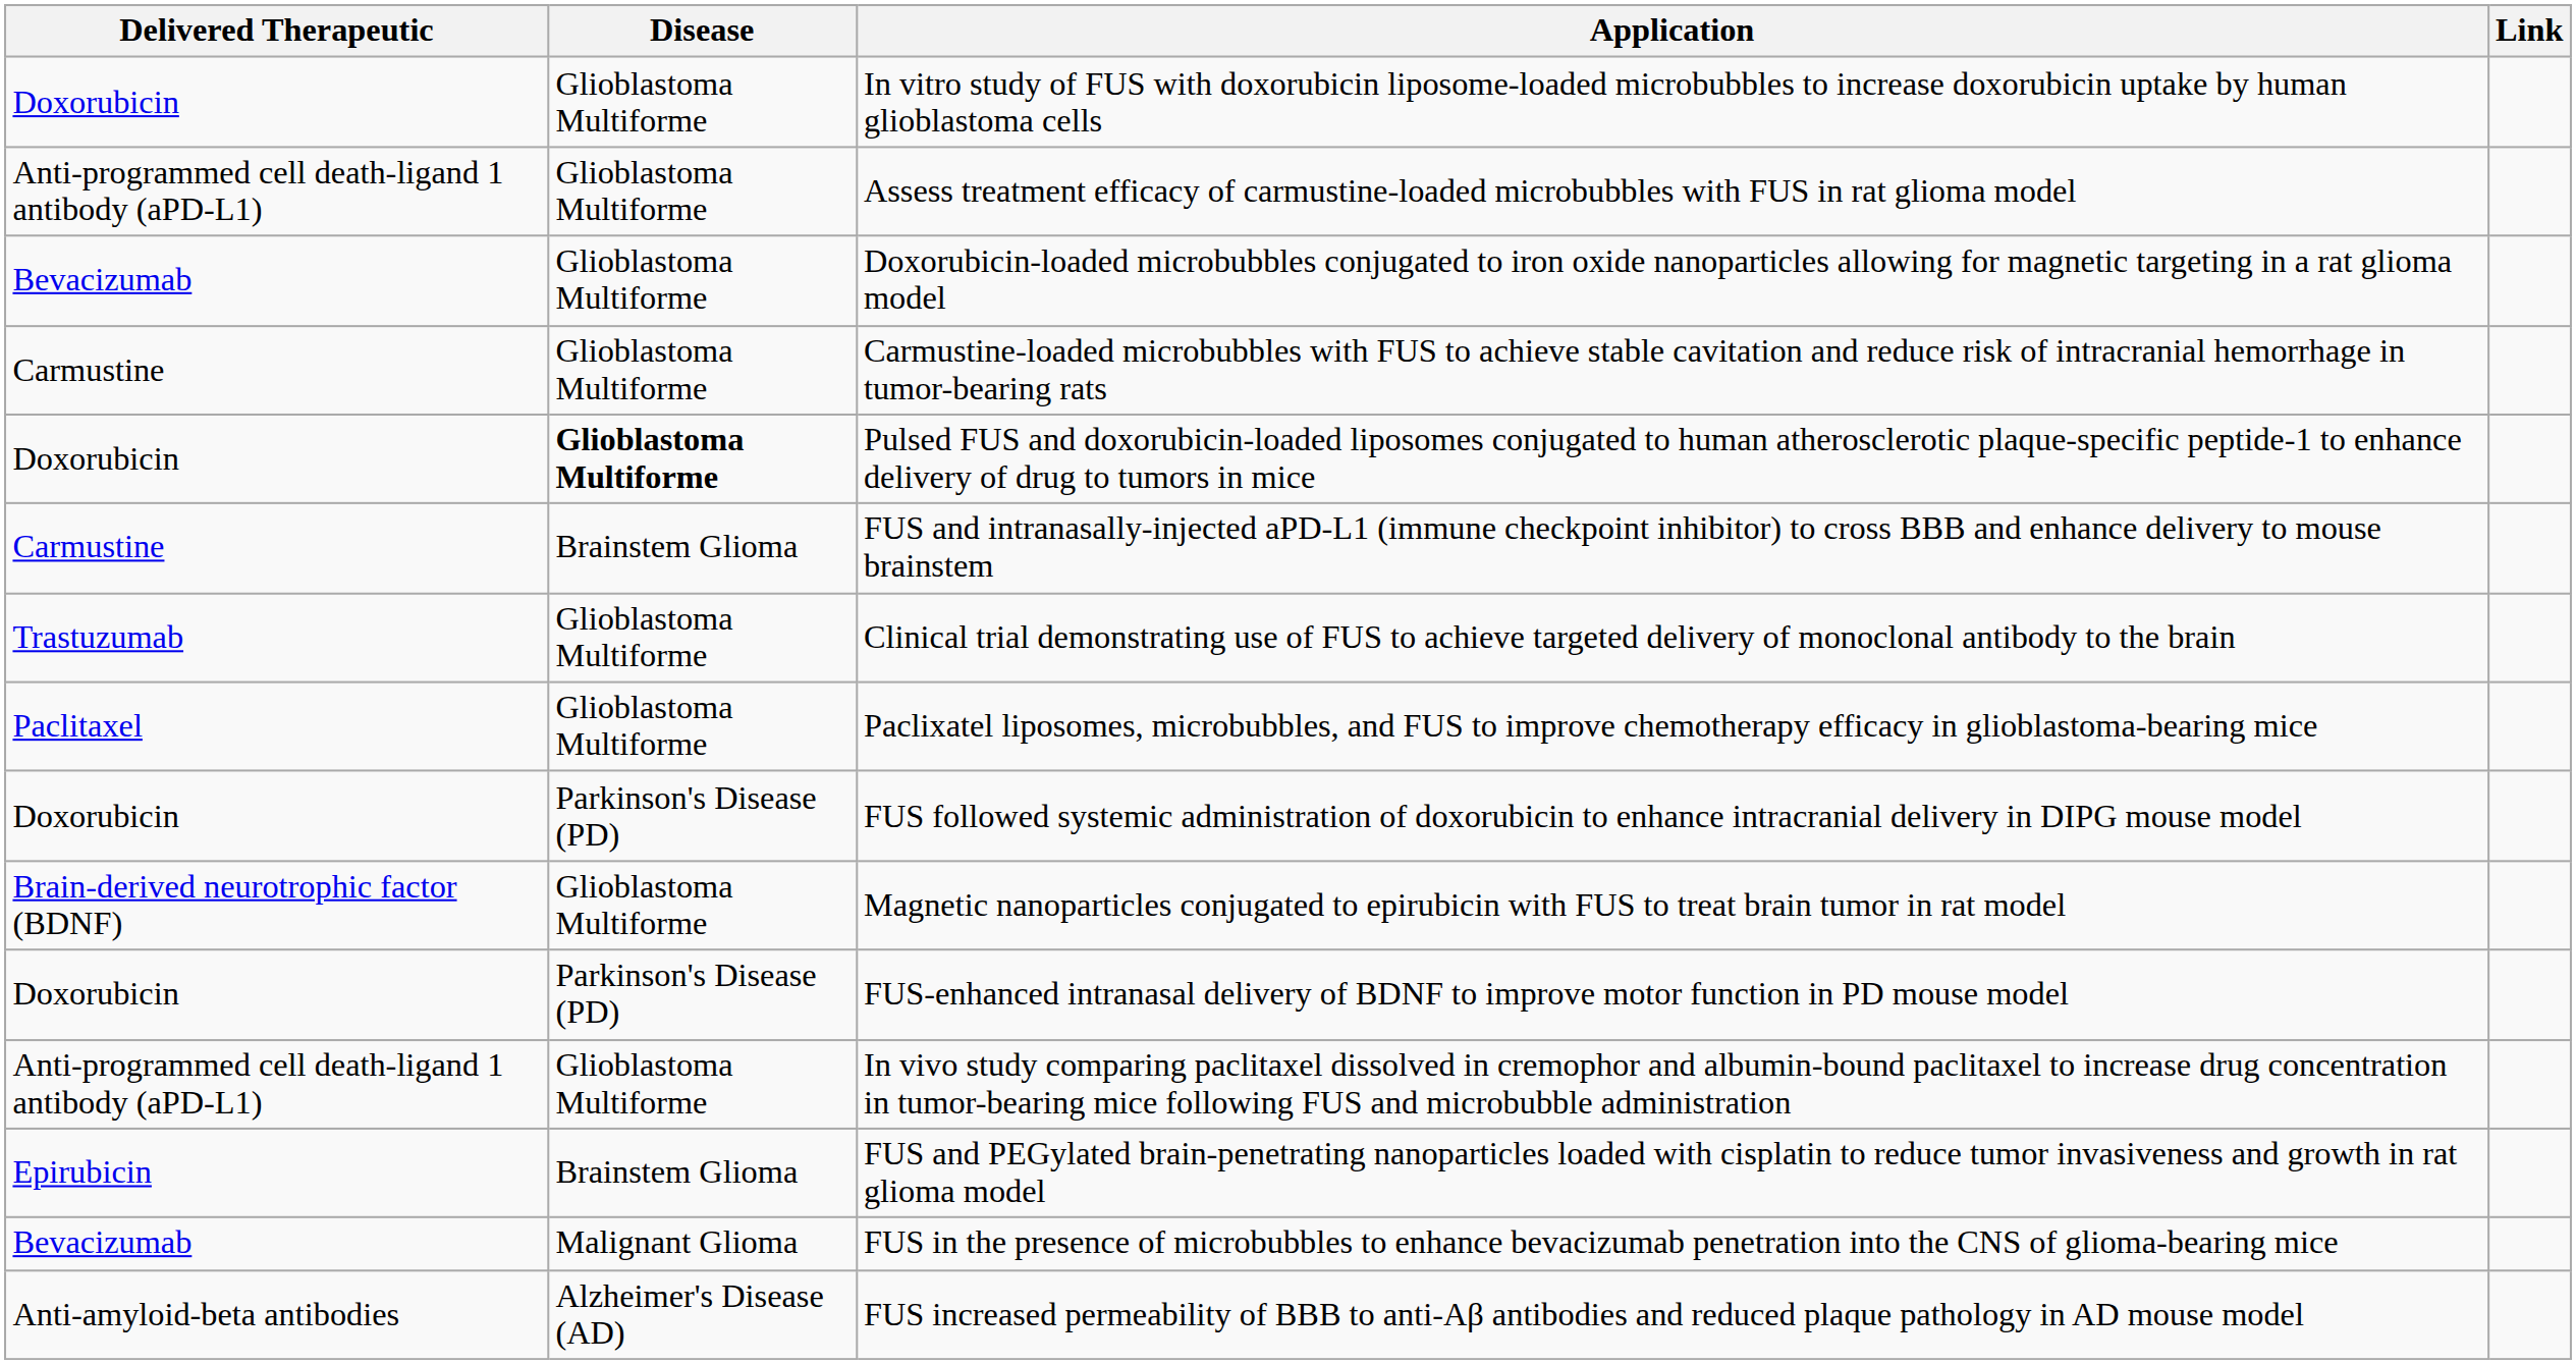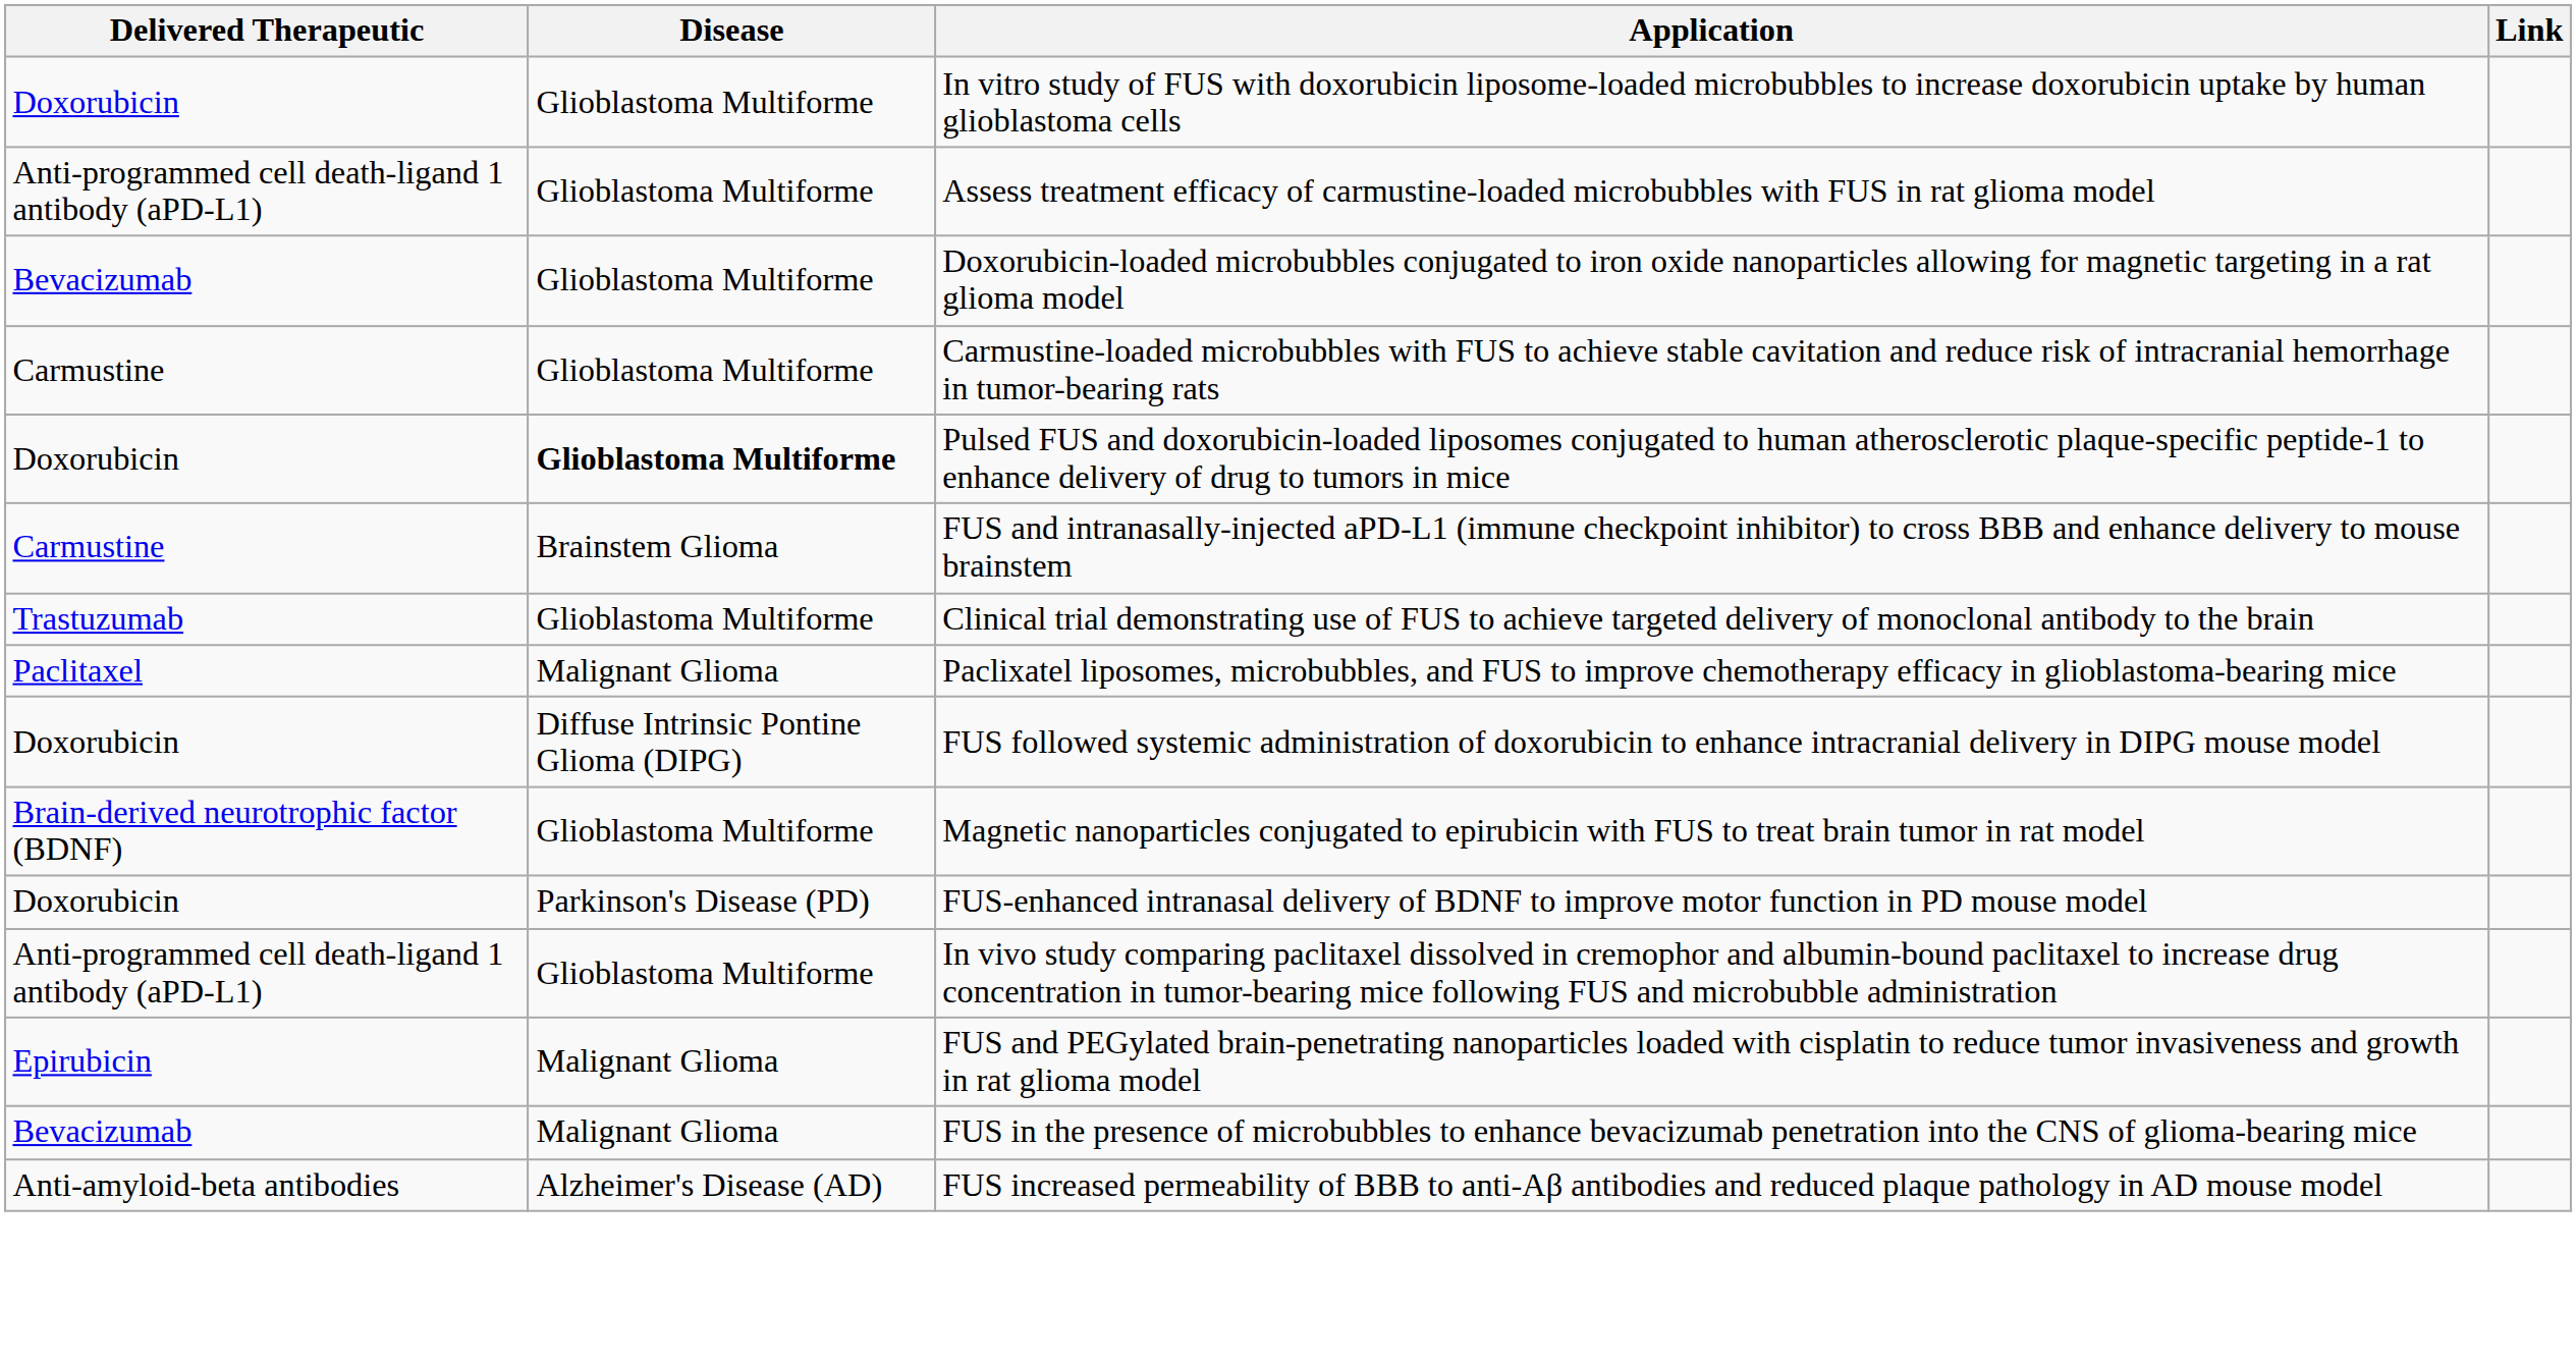 <table class="wikitable">
 <tr>
 <th>Delivered Therapeutic</th>
 <th>Disease</th>
 <th>Application</th>
 <th>Link</th>
 </tr>
 <tr>
 <td><a href='#'>Doxorubicin</a></td>
 <td>Glioblastoma Multiforme</td>
 <td>In vitro study of FUS with doxorubicin liposome-loaded microbubbles to increase doxorubicin uptake by human glioblastoma cells</td>
 <td></td>
 </tr>
 <tr>
 <td>Anti-programmed cell death-ligand 1 antibody (aPD-L1)</td>
 <td>Glioblastoma Multiforme</td>
 <td>Assess treatment efficacy of carmustine-loaded microbubbles with FUS in rat glioma model</td>
 <td></td>
 </tr>
 <tr>
 <td><a href='#'>Bevacizumab</a></td>
 <td>Glioblastoma Multiforme</td>
 <td>Doxorubicin-loaded microbubbles conjugated to iron oxide nanoparticles allowing for magnetic targeting in a rat glioma model</td>
 <td></td>
 </tr>
 <tr>
 <td>Carmustine</td>
 <td>Glioblastoma Multiforme</td>
 <td>Carmustine-loaded microbubbles with FUS to achieve stable cavitation and reduce risk of intracranial hemorrhage in tumor-bearing rats</td>
 <td></td>
 </tr>
 <tr>
 <td>Doxorubicin</td>
 <td><strong>Glioblastoma Multiforme</strong></td>
 <td>Pulsed FUS and doxorubicin-loaded liposomes conjugated to human atherosclerotic plaque-specific peptide-1 to enhance delivery of drug to tumors in mice</td>
 <td></td>
 </tr>
 <tr>
 <td><a href='#'>Carmustine</a></td>
 <td>Brainstem Glioma</td>
 <td>FUS and intranasally-injected aPD-L1 (immune checkpoint inhibitor) to cross BBB and enhance delivery to mouse brainstem</td>
 <td></td>
 </tr>
 <tr>
 <td><a href='#'>Trastuzumab</a></td>
 <td>Glioblastoma Multiforme</td>
 <td>Clinical trial demonstrating use of FUS to achieve targeted delivery of monoclonal antibody to the brain</td>
 <td></td>
 </tr>
 <tr>
 <td><a href='#'>Paclitaxel</a></td>
-<td>Glioblastoma Multiforme</td>
+<td>Malignant Glioma</td>
 <td>Paclixatel liposomes, microbubbles, and FUS to improve chemotherapy efficacy in glioblastoma-bearing mice</td>
 <td></td>
 </tr>
 <tr>
 <td>Doxorubicin</td>
-<td>Parkinson's Disease (PD)</td>
+<td>Diffuse Intrinsic Pontine Glioma (DIPG)</td>
 <td>FUS followed systemic administration of doxorubicin to enhance intracranial delivery in DIPG mouse model</td>
 <td></td>
 </tr>
 <tr>
 <td><a href='#'>Brain-derived neurotrophic factor</a> (BDNF)</td>
 <td>Glioblastoma Multiforme</td>
 <td>Magnetic nanoparticles conjugated to epirubicin with FUS to treat brain tumor in rat model</td>
 <td></td>
 </tr>
 <tr>
 <td>Doxorubicin</td>
 <td>Parkinson's Disease (PD)</td>
 <td>FUS-enhanced intranasal delivery of BDNF to improve motor function in PD mouse model</td>
 <td></td>
 </tr>
 <tr>
 <td>Anti-programmed cell death-ligand 1 antibody (aPD-L1)</td>
 <td>Glioblastoma Multiforme</td>
 <td>In vivo study comparing paclitaxel dissolved in cremophor and albumin-bound paclitaxel to increase drug concentration in tumor-bearing mice following FUS and microbubble administration</td>
 <td></td>
 </tr>
 <tr>
 <td><a href='#'>Epirubicin</a></td>
-<td>Brainstem Glioma</td>
+<td>Malignant Glioma</td>
 <td>FUS and PEGylated brain-penetrating nanoparticles loaded with cisplatin to reduce tumor invasiveness and growth in rat glioma model</td>
 <td></td>
 </tr>
 <tr>
 <td><a href='#'>Bevacizumab</a></td>
 <td>Malignant Glioma</td>
 <td>FUS in the presence of microbubbles to enhance bevacizumab penetration into the CNS of glioma-bearing mice</td>
 <td></td>
 </tr>
 <tr>
 <td>Anti-amyloid-beta antibodies</td>
 <td>Alzheimer's Disease (AD)</td>
 <td>FUS increased permeability of BBB to anti-Aβ antibodies and reduced plaque pathology in AD mouse model</td>
 <td></td>
 </tr>
 </table>
